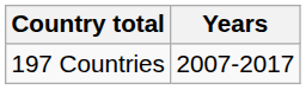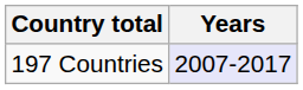 <table class="wikitable">
 <tr>
 <th>Country total</th>
 <th>Years</th>
 </tr>
 <tr>
 <td>197 Countries</td>
-<td>2007-2017</td>
+<td style="background: lavender;">2007-2017</td>
 </tr>
 </table>
